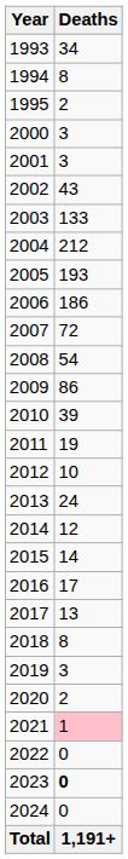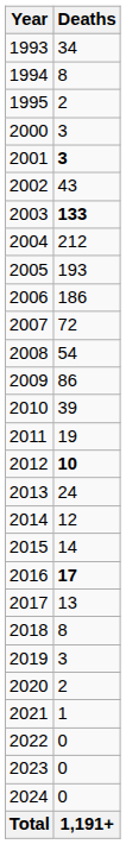 <table class="wikitable" align="right">
 <tr bgcolor="#CCCCCC">
 <th>Year</th>
 <th>Deaths</th>
 </tr>
 <tr>
 <td>1993</td>
 <td>34</td>
 </tr>
 <tr>
 <td>1994</td>
 <td>8</td>
 </tr>
 <tr>
 <td>1995</td>
 <td>2</td>
 </tr>
 <tr>
 <td>2000</td>
 <td>3</td>
 </tr>
 <tr>
 <td>2001</td>
-<td>3</td>
+<td><strong>3</strong></td>
 </tr>
 <tr>
 <td>2002</td>
 <td>43</td>
 </tr>
 <tr>
 <td>2003</td>
-<td>133</td>
+<td><strong>133</strong></td>
 </tr>
 <tr>
 <td>2004</td>
 <td>212</td>
 </tr>
 <tr>
 <td>2005</td>
 <td>193</td>
 </tr>
 <tr>
 <td>2006</td>
 <td>186</td>
 </tr>
 <tr>
 <td>2007</td>
 <td>72</td>
 </tr>
 <tr>
 <td>2008</td>
 <td>54</td>
 </tr>
 <tr>
 <td>2009</td>
 <td>86</td>
 </tr>
 <tr>
 <td>2010</td>
 <td>39</td>
 </tr>
 <tr>
 <td>2011</td>
 <td>19</td>
 </tr>
 <tr>
 <td>2012</td>
-<td>10</td>
+<td><strong>10</strong></td>
 </tr>
 <tr>
 <td>2013</td>
 <td>24</td>
 </tr>
 <tr>
 <td>2014</td>
 <td>12</td>
 </tr>
 <tr>
 <td>2015</td>
 <td>14</td>
 </tr>
 <tr>
 <td>2016</td>
-<td>17</td>
+<td><strong>17</strong></td>
 </tr>
 <tr>
 <td>2017</td>
 <td>13</td>
 </tr>
 <tr>
 <td>2018</td>
 <td>8</td>
 </tr>
 <tr>
 <td>2019</td>
 <td>3</td>
 </tr>
 <tr>
 <td>2020</td>
 <td>2</td>
 </tr>
 <tr>
 <td>2021</td>
-<td style="background: pink;">1</td>
+<td>1</td>
 </tr>
 <tr>
 <td>2022</td>
 <td>0</td>
 </tr>
 <tr>
 <td>2023</td>
-<td><strong>0</strong></td>
+<td>0</td>
 </tr>
 <tr>
 <td>2024</td>
 <td>0</td>
 </tr>
 <tr>
 <th>Total</th>
 <th>1,191+</th>
 </tr>
 </table>
